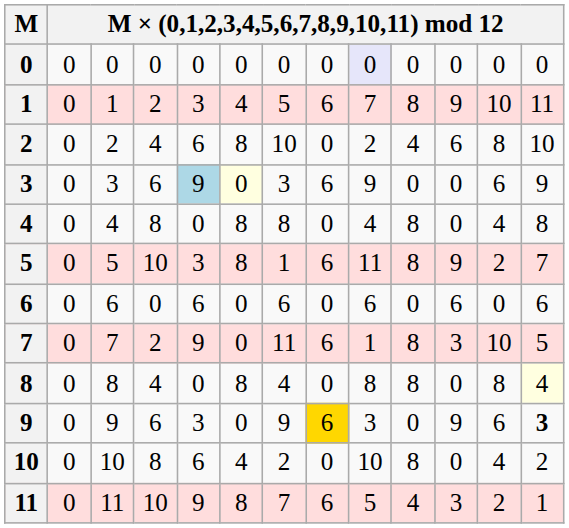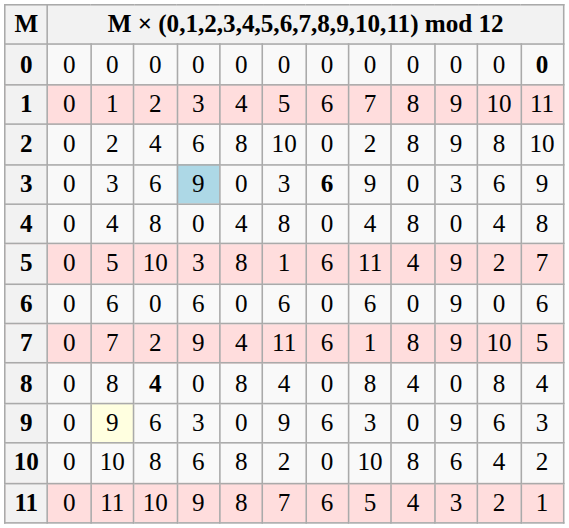 <table class="wikitable" style="text-align:center" align="center">
 <tr>
 <th>M</th>
 <th colspan="12">M × (0,1,2,3,4,5,6,7,8,9,10,11) mod 12</th>
 </tr>
 <tr>
 <th width="20">0</th>
 <td width="20">0</td>
 <td width="20">0</td>
 <td width="20">0</td>
 <td width="20">0</td>
 <td width="20">0</td>
 <td width="20">0</td>
 <td width="20">0</td>
-<td width="20" style="background: lavender;">0</td>
 <td width="20">0</td>
 <td width="20">0</td>
 <td width="20">0</td>
 <td width="20">0</td>
+<td width="20"><strong>0</strong></td>
 </tr>
 <tr style="background:#ffdddd">
 <th>1</th>
 <td>0</td>
 <td>1</td>
 <td>2</td>
 <td>3</td>
 <td>4</td>
 <td>5</td>
 <td>6</td>
 <td>7</td>
 <td>8</td>
 <td>9</td>
 <td>10</td>
 <td>11</td>
 </tr>
 <tr>
 <th>2</th>
 <td>0</td>
 <td>2</td>
 <td>4</td>
 <td>6</td>
 <td>8</td>
 <td>10</td>
 <td>0</td>
 <td>2</td>
-<td>4</td>
-<td>6</td>
+<td>8</td>
+<td>9</td>
 <td>8</td>
 <td>10</td>
 </tr>
 <tr>
 <th>3</th>
 <td>0</td>
 <td>3</td>
 <td>6</td>
 <td style="background: lightblue;">9</td>
-<td style="background: lightyellow;">0</td>
+<td>0</td>
 <td>3</td>
-<td>6</td>
+<td><strong>6</strong></td>
 <td>9</td>
 <td>0</td>
-<td>0</td>
+<td>3</td>
 <td>6</td>
 <td>9</td>
 </tr>
 <tr>
 <th>4</th>
 <td>0</td>
 <td>4</td>
 <td>8</td>
 <td>0</td>
-<td>8</td>
+<td>4</td>
 <td>8</td>
 <td>0</td>
 <td>4</td>
 <td>8</td>
 <td>0</td>
 <td>4</td>
 <td>8</td>
 </tr>
 <tr style="background:#ffdddd">
 <th>5</th>
 <td>0</td>
 <td>5</td>
 <td>10</td>
 <td>3</td>
 <td>8</td>
 <td>1</td>
 <td>6</td>
 <td>11</td>
-<td>8</td>
+<td>4</td>
 <td>9</td>
 <td>2</td>
 <td>7</td>
 </tr>
 <tr>
 <th>6</th>
 <td>0</td>
 <td>6</td>
 <td>0</td>
 <td>6</td>
 <td>0</td>
 <td>6</td>
 <td>0</td>
 <td>6</td>
 <td>0</td>
-<td>6</td>
+<td>9</td>
 <td>0</td>
 <td>6</td>
 </tr>
 <tr style="background:#ffdddd">
 <th>7</th>
 <td>0</td>
 <td>7</td>
 <td>2</td>
 <td>9</td>
-<td>0</td>
+<td>4</td>
 <td>11</td>
 <td>6</td>
 <td>1</td>
 <td>8</td>
-<td>3</td>
+<td>9</td>
 <td>10</td>
 <td>5</td>
 </tr>
 <tr>
 <th>8</th>
+<td>0</td>
+<td>8</td>
+<td><strong>4</strong></td>
 <td>0</td>
 <td>8</td>
 <td>4</td>
 <td>0</td>
 <td>8</td>
 <td>4</td>
 <td>0</td>
 <td>8</td>
-<td>8</td>
-<td>0</td>
-<td>8</td>
-<td style="background: lightyellow;">4</td>
+<td>4</td>
 </tr>
 <tr>
 <th>9</th>
+<td>0</td>
+<td style="background: lightyellow;">9</td>
+<td>6</td>
+<td>3</td>
 <td>0</td>
 <td>9</td>
 <td>6</td>
 <td>3</td>
 <td>0</td>
 <td>9</td>
-<td style="background: gold;">6</td>
+<td>6</td>
 <td>3</td>
-<td>0</td>
-<td>9</td>
-<td>6</td>
-<td><strong>3</strong></td>
 </tr>
 <tr>
 <th>10</th>
 <td>0</td>
 <td>10</td>
 <td>8</td>
 <td>6</td>
-<td>4</td>
+<td>8</td>
 <td>2</td>
 <td>0</td>
 <td>10</td>
 <td>8</td>
-<td>0</td>
+<td>6</td>
 <td>4</td>
 <td>2</td>
 </tr>
 <tr style="background:#ffdddd">
 <th>11</th>
 <td>0</td>
 <td>11</td>
 <td>10</td>
 <td>9</td>
 <td>8</td>
 <td>7</td>
 <td>6</td>
 <td>5</td>
 <td>4</td>
 <td>3</td>
 <td>2</td>
 <td>1</td>
 </tr>
 </table>
